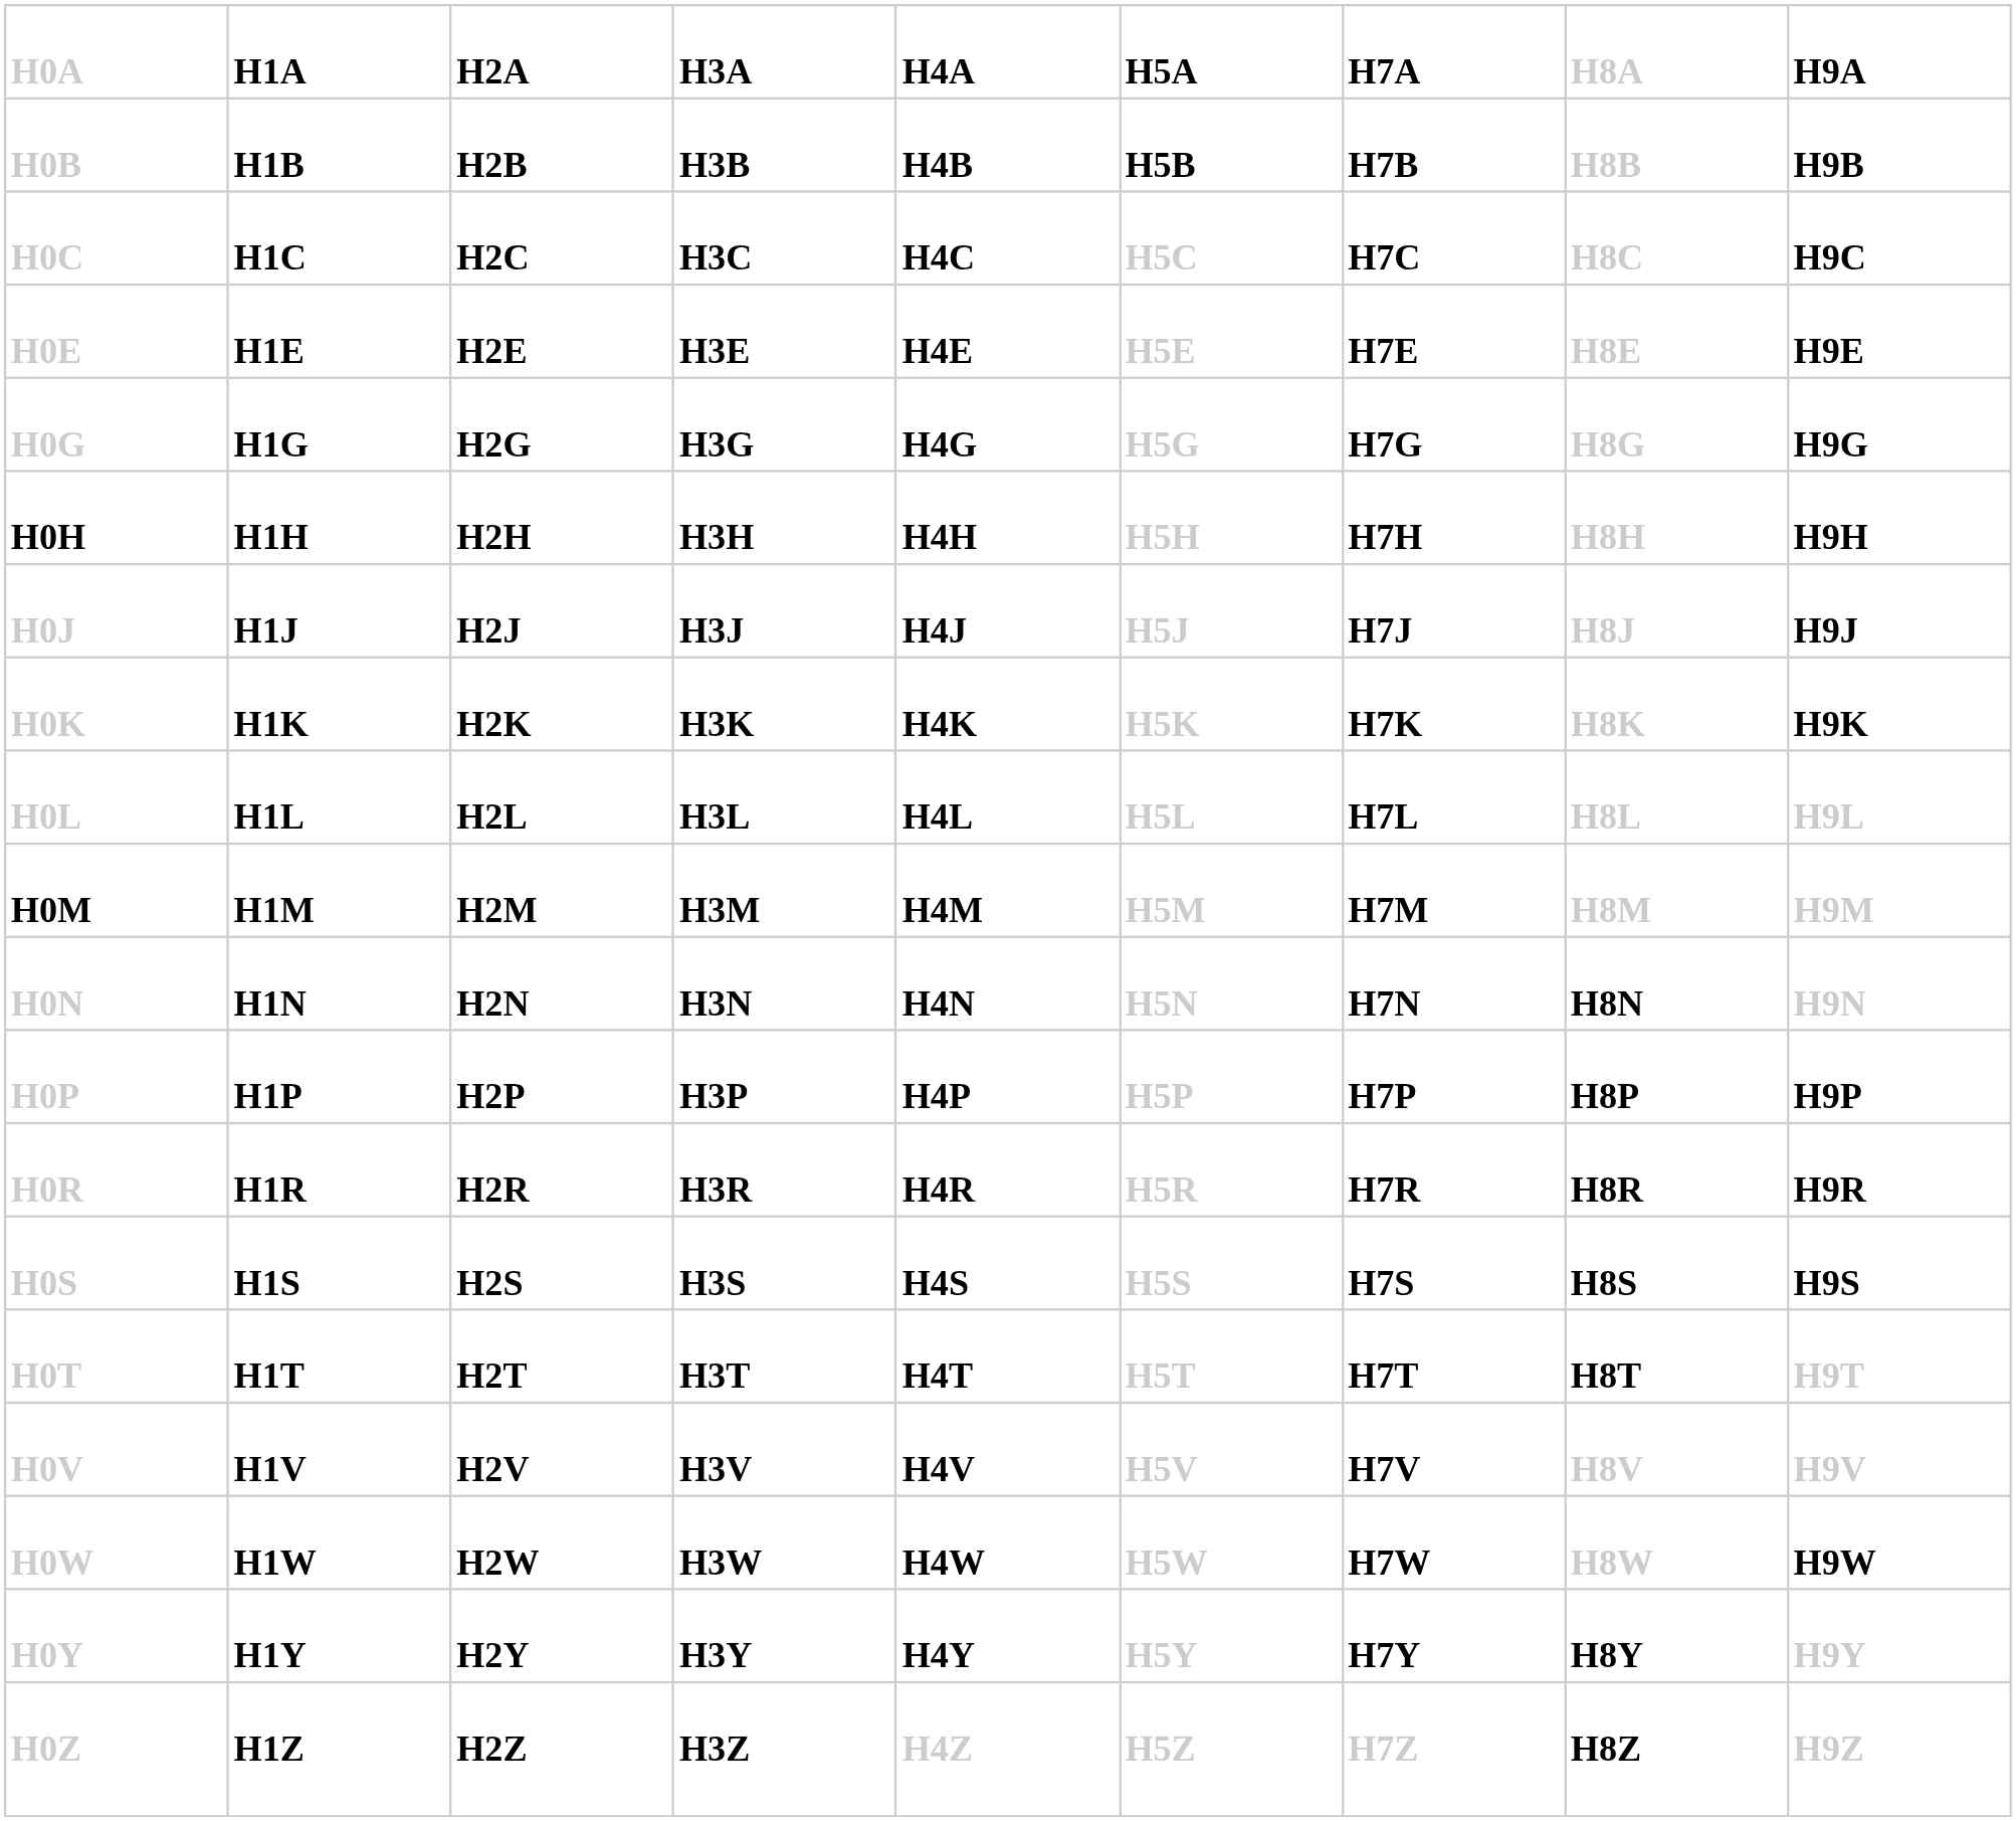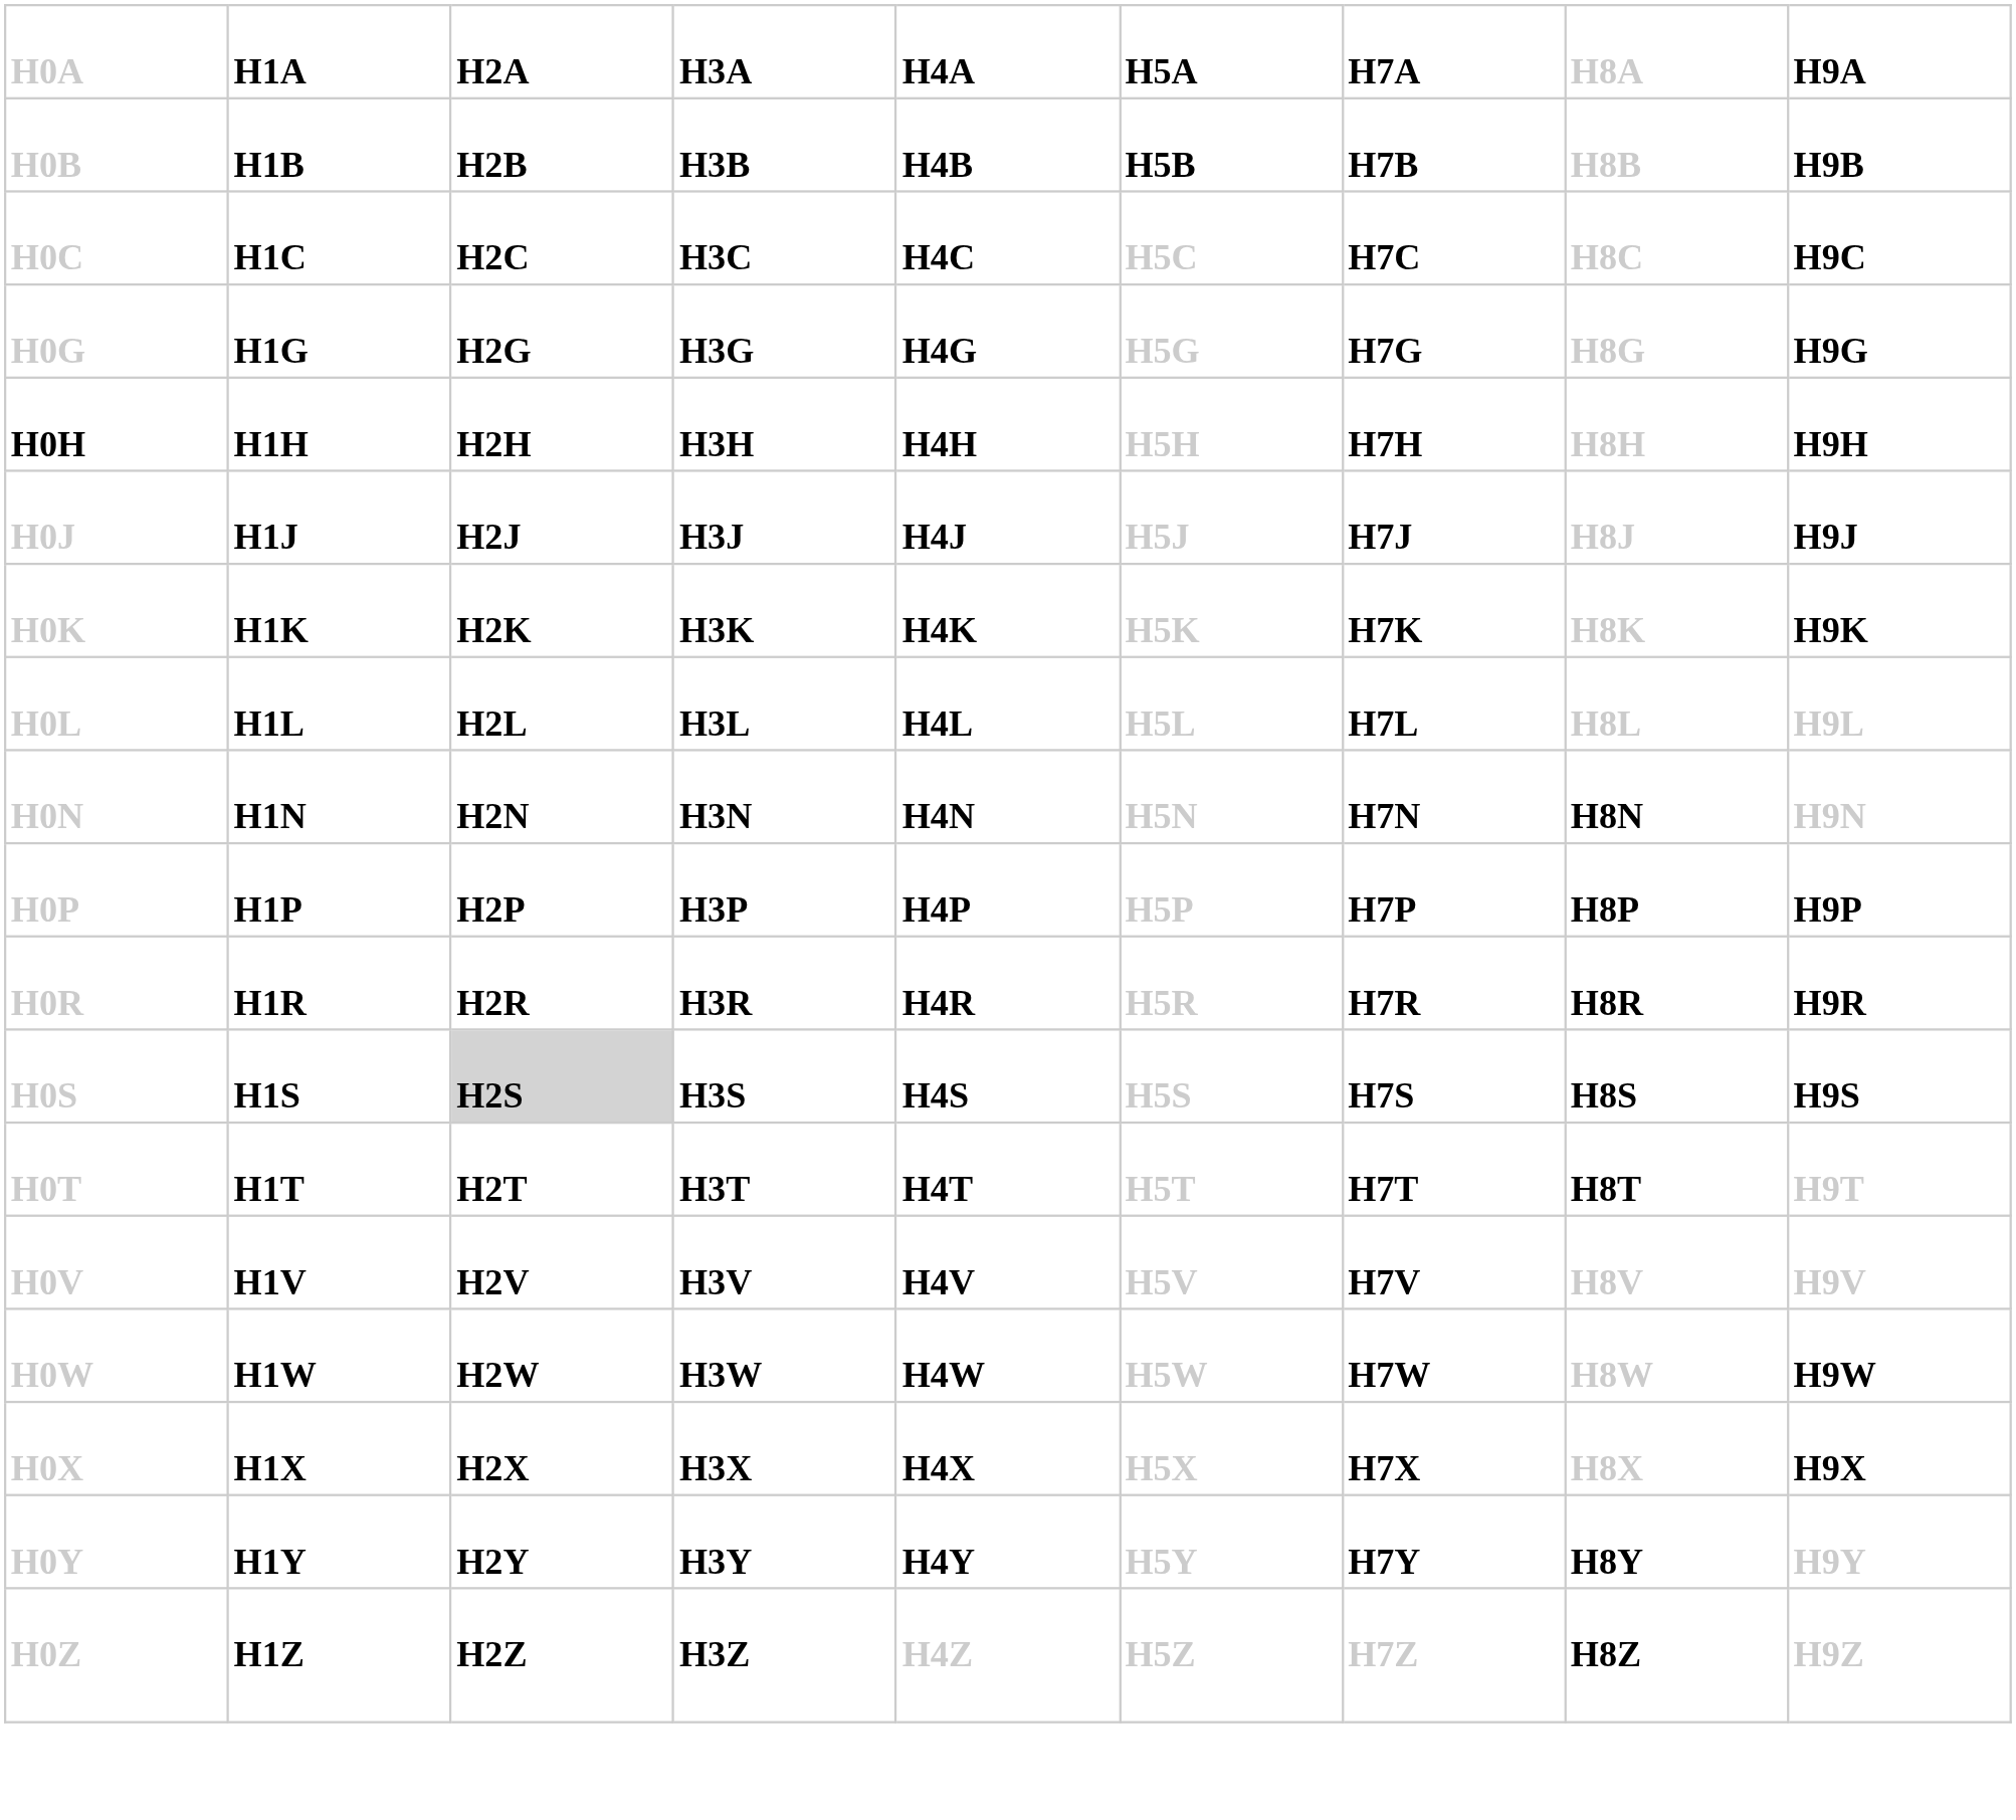 <table rules="all" width="100%" cellspacing="0" cellpadding="2" style="border-collapse: collapse; border: 1px solid #ccc;">
 <tr>
 <td width="11%" valign="top" style="color: #CCCCCC;"><br><strong>H0A</strong><br></td>
 <td width="11%" valign="top"><br><strong>H1A</strong><br></td>
 <td width="11%" valign="top"><br><strong>H2A</strong><br></td>
 <td width="11%" valign="top"><br><strong>H3A</strong><br></td>
 <td width="11%" valign="top"><br><strong>H4A</strong><br></td>
 <td width="11%" valign="top"><br><strong>H5A</strong><br></td>
 <td width="11%" valign="top"><br><strong>H7A</strong><br></td>
 <td width="11%" valign="top" style="color: #CCCCCC;"><br><strong>H8A</strong><br></td>
 <td width="11%" valign="top"><br><strong>H9A</strong><br></td>
 </tr>
 <tr>
 <td valign="top" style="color: #CCCCCC;"><br><strong>H0B</strong><br></td>
 <td valign="top"><br><strong>H1B</strong><br></td>
 <td valign="top"><br><strong>H2B</strong><br></td>
 <td valign="top"><br><strong>H3B</strong><br></td>
 <td valign="top"><br><strong>H4B</strong><br></td>
 <td valign="top"><br><strong>H5B</strong><br></td>
 <td valign="top"><br><strong>H7B</strong><br></td>
 <td valign="top" style="color: #CCCCCC;"><br><strong>H8B</strong><br></td>
 <td valign="top"><br><strong>H9B</strong><br></td>
 </tr>
 <tr>
 <td valign="top" style="color: #CCCCCC;"><br><strong>H0C</strong><br></td>
 <td valign="top"><br><strong>H1C</strong><br></td>
 <td valign="top"><br><strong>H2C</strong><br></td>
 <td valign="top"><br><strong>H3C</strong><br></td>
 <td valign="top"><br><strong>H4C</strong><br></td>
 <td valign="top" style="color: #CCCCCC;"><br><strong>H5C</strong><br></td>
 <td valign="top"><br><strong>H7C</strong><br></td>
 <td valign="top" style="color: #CCCCCC;"><br><strong>H8C</strong><br></td>
 <td valign="top"><br><strong>H9C</strong><br></td>
-</tr>
-<tr>
-<td valign="top" style="color: #CCCCCC;"><br><strong>H0E</strong><br></td>
-<td valign="top"><br><strong>H1E</strong><br></td>
-<td valign="top"><br><strong>H2E</strong><br></td>
-<td valign="top"><br><strong>H3E</strong><br></td>
-<td valign="top"><br><strong>H4E</strong><br></td>
-<td valign="top" style="color: #CCCCCC;"><br><strong>H5E</strong><br></td>
-<td valign="top"><br><strong>H7E</strong><br></td>
-<td valign="top" style="color: #CCCCCC;"><br><strong>H8E</strong><br></td>
-<td valign="top"><br><strong>H9E</strong><br></td>
 </tr>
 <tr>
 <td valign="top" style="color: #CCCCCC;"><br><strong>H0G</strong><br></td>
 <td valign="top"><br><strong>H1G</strong><br></td>
 <td valign="top"><br><strong>H2G</strong><br></td>
 <td valign="top"><br><strong>H3G</strong><br></td>
 <td valign="top"><br><strong>H4G</strong><br></td>
 <td valign="top" style="color: #CCCCCC;"><br><strong>H5G</strong><br></td>
 <td valign="top"><br><strong>H7G</strong><br></td>
 <td valign="top" style="color: #CCCCCC;"><br><strong>H8G</strong><br></td>
 <td valign="top"><br><strong>H9G</strong><br></td>
 </tr>
 <tr>
 <td valign="top"><br><strong>H0H</strong><br></td>
 <td valign="top"><br><strong>H1H</strong><br></td>
 <td valign="top"><br><strong>H2H</strong><br></td>
 <td valign="top"><br><strong>H3H</strong><br></td>
 <td valign="top"><br><strong>H4H</strong><br></td>
 <td valign="top" style="color: #CCCCCC;"><br><strong>H5H</strong><br></td>
 <td valign="top"><br><strong>H7H</strong><br></td>
 <td valign="top" style="color: #CCCCCC;"><br><strong>H8H</strong><br></td>
 <td valign="top"><br><strong>H9H</strong><br></td>
 </tr>
 <tr>
 <td valign="top" style="color: #CCCCCC;"><br><strong>H0J</strong><br></td>
 <td valign="top"><br><strong>H1J</strong><br></td>
 <td valign="top"><br><strong>H2J</strong><br></td>
 <td valign="top"><br><strong>H3J</strong><br></td>
 <td valign="top"><br><strong>H4J</strong><br></td>
 <td valign="top" style="color: #CCCCCC;"><br><strong>H5J</strong><br></td>
 <td valign="top"><br><strong>H7J</strong><br></td>
 <td valign="top" style="color: #CCCCCC;"><br><strong>H8J</strong><br></td>
 <td valign="top"><br><strong>H9J</strong><br></td>
 </tr>
 <tr>
 <td valign="top" style="color: #CCCCCC;"><br><strong>H0K</strong><br></td>
 <td valign="top"><br><strong>H1K</strong><br></td>
 <td valign="top"><br><strong>H2K</strong><br></td>
 <td valign="top"><br><strong>H3K</strong><br></td>
 <td valign="top"><br><strong>H4K</strong><br></td>
 <td valign="top" style="color: #CCCCCC;"><br><strong>H5K</strong><br></td>
 <td valign="top"><br><strong>H7K</strong><br></td>
 <td valign="top" style="color: #CCCCCC;"><br><strong>H8K</strong><br></td>
 <td valign="top"><br><strong>H9K</strong><br></td>
 </tr>
 <tr>
 <td valign="top" style="color: #CCCCCC;"><br><strong>H0L</strong><br></td>
 <td valign="top"><br><strong>H1L</strong><br></td>
 <td valign="top"><br><strong>H2L</strong><br></td>
 <td valign="top"><br><strong>H3L</strong><br></td>
 <td valign="top"><br><strong>H4L</strong><br></td>
 <td valign="top" style="color: #CCCCCC;"><br><strong>H5L</strong><br></td>
 <td valign="top"><br><strong>H7L</strong><br></td>
 <td valign="top" style="color: #CCCCCC;"><br><strong>H8L</strong><br></td>
 <td valign="top" style="color: #CCCCCC;"><br><strong>H9L</strong><br></td>
 </tr>
 <tr>
-<td valign="top"><br><strong>H0M</strong><br></td>
-<td valign="top"><br><strong>H1M</strong><br></td>
-<td valign="top"><br><strong>H2M</strong><br></td>
-<td valign="top"><br><strong>H3M</strong><br></td>
-<td valign="top"><br><strong>H4M</strong><br></td>
-<td valign="top" style="color: #CCCCCC;"><br><strong>H5M</strong><br></td>
-<td valign="top"><br><strong>H7M</strong><br></td>
-<td valign="top" style="color: #CCCCCC;"><br><strong>H8M</strong><br></td>
-<td valign="top" style="color: #CCCCCC;"><br><strong>H9M</strong><br></td>
-</tr>
-<tr>
 <td valign="top" style="color: #CCCCCC;"><br><strong>H0N</strong><br></td>
 <td valign="top"><br><strong>H1N</strong><br></td>
 <td valign="top"><br><strong>H2N</strong><br></td>
 <td valign="top"><br><strong>H3N</strong><br></td>
 <td valign="top"><br><strong>H4N</strong><br></td>
 <td valign="top" style="color: #CCCCCC;"><br><strong>H5N</strong><br></td>
 <td valign="top"><br><strong>H7N</strong><br></td>
 <td valign="top"><br><strong>H8N</strong><br></td>
 <td valign="top" style="color: #CCCCCC;"><br><strong>H9N</strong><br></td>
 </tr>
 <tr>
 <td valign="top" style="color: #CCCCCC;"><br><strong>H0P</strong><br> </td>
 <td valign="top"><br><strong>H1P</strong><br></td>
 <td valign="top"><br><strong>H2P</strong><br></td>
 <td valign="top"><br><strong>H3P</strong><br></td>
 <td valign="top"><br><strong>H4P</strong><br></td>
 <td valign="top" style="color: #CCCCCC;"><br><strong>H5P</strong><br></td>
 <td valign="top"><br><strong>H7P</strong><br></td>
 <td valign="top"><br><strong>H8P</strong><br></td>
 <td valign="top"><br><strong>H9P</strong><br></td>
 </tr>
 <tr>
 <td valign="top" style="color: #CCCCCC;"><br><strong>H0R</strong><br></td>
 <td valign="top"><br><strong>H1R</strong><br></td>
 <td valign="top"><br><strong>H2R</strong><br></td>
 <td valign="top"><br><strong>H3R</strong><br></td>
 <td valign="top"><br><strong>H4R</strong><br></td>
 <td valign="top" style="color: #CCCCCC;"><br><strong>H5R</strong><br></td>
 <td valign="top"><br><strong>H7R</strong><br></td>
 <td valign="top"><br><strong>H8R</strong><br></td>
 <td valign="top"><br><strong>H9R</strong><br></td>
 </tr>
 <tr>
 <td valign="top" style="color: #CCCCCC;"><br><strong>H0S</strong><br></td>
 <td valign="top"><br><strong>H1S</strong><br></td>
-<td valign="top"><br><strong>H2S</strong><br></td>
+<td valign="top" style="background: lightgrey;"><br><strong>H2S</strong><br></td>
 <td valign="top"><br><strong>H3S</strong><br></td>
 <td valign="top"><br><strong>H4S</strong><br></td>
 <td valign="top" style="color: #CCCCCC;"><br><strong>H5S</strong><br></td>
 <td valign="top"><br><strong>H7S</strong><br></td>
 <td valign="top"><br><strong>H8S</strong><br></td>
 <td valign="top"><br><strong>H9S</strong><br></td>
 </tr>
 <tr>
 <td valign="top" style="color: #CCCCCC;"><br><strong>H0T</strong><br></td>
 <td valign="top"><br><strong>H1T</strong><br></td>
 <td valign="top"><br><strong>H2T</strong><br></td>
 <td valign="top"><br><strong>H3T</strong><br></td>
 <td valign="top"><br><strong>H4T</strong><br></td>
 <td valign="top" style="color: #CCCCCC;"><br><strong>H5T</strong><br></td>
 <td valign="top"><br><strong>H7T</strong><br></td>
 <td valign="top"><br><strong>H8T</strong><br></td>
 <td valign="top" style="color: #CCCCCC;"><br><strong>H9T</strong><br></td>
 </tr>
 <tr>
 <td valign="top" style="color: #CCCCCC;"><br><strong>H0V</strong><br></td>
 <td valign="top"><br><strong>H1V</strong><br></td>
 <td valign="top"><br><strong>H2V</strong><br></td>
 <td valign="top"><br><strong>H3V</strong><br></td>
 <td valign="top"><br><strong>H4V</strong><br></td>
 <td valign="top" style="color: #CCCCCC;"><br><strong>H5V</strong><br></td>
 <td valign="top"><br><strong>H7V</strong><br></td>
 <td valign="top" style="color: #CCCCCC;"><br><strong>H8V</strong><br></td>
 <td valign="top" style="color: #CCCCCC;"><br><strong>H9V</strong><br></td>
 </tr>
 <tr>
 <td valign="top" style="color: #CCCCCC;"><br><strong>H0W</strong><br></td>
 <td valign="top"><br><strong>H1W</strong><br></td>
 <td valign="top"><br><strong>H2W</strong><br></td>
 <td valign="top"><br><strong>H3W</strong><br></td>
 <td valign="top"><br><strong>H4W</strong><br></td>
 <td valign="top" style="color: #CCCCCC;"><br><strong>H5W</strong><br></td>
 <td valign="top"><br><strong>H7W</strong><br></td>
 <td valign="top" style="color: #CCCCCC;"><br><strong>H8W</strong><br></td>
 <td valign="top"><br><strong>H9W</strong><br></td>
 </tr>
 <tr>
+<td valign="top" style="color: #CCCCCC;"><br><strong>H0X</strong><br></td>
+<td valign="top"><br><strong>H1X</strong><br></td>
+<td valign="top"><br><strong>H2X</strong><br></td>
+<td valign="top"><br><strong>H3X</strong><br></td>
+<td valign="top"><br><strong>H4X</strong><br></td>
+<td valign="top" style="color: #CCCCCC;"><br><strong>H5X</strong><br></td>
+<td valign="top"><br><strong>H7X</strong><br></td>
+<td valign="top" style="color: #CCCCCC;"><br><strong>H8X</strong><br></td>
+<td valign="top"><br><strong>H9X</strong><br></td>
+</tr>
+<tr>
 <td valign="top" style="color: #CCCCCC;"><br><strong>H0Y</strong><br></td>
 <td valign="top"><br><strong>H1Y</strong><br></td>
 <td valign="top"><br><strong>H2Y</strong><br></td>
 <td valign="top"><br><strong>H3Y</strong><br></td>
 <td valign="top"><br><strong>H4Y</strong><br></td>
 <td valign="top" style="color: #CCCCCC;"><br><strong>H5Y</strong><br></td>
 <td valign="top"><br><strong>H7Y</strong><br></td>
 <td valign="top"><br><strong>H8Y</strong><br></td>
 <td valign="top" style="color: #CCCCCC;"><br><strong>H9Y</strong><br></td>
 </tr>
 <tr>
 <td valign="top" style="color: #CCCCCC;"><br><strong>H0Z</strong><br></td>
 <td valign="top"><br><strong>H1Z</strong><br></td>
 <td valign="top"><br><strong>H2Z</strong><br></td>
 <td valign="top"><br><strong>H3Z</strong><br></td>
 <td valign="top" style="color: #CCCCCC;"><br><strong>H4Z</strong><br><br></td>
 <td valign="top" style="color: #CCCCCC;"><br><strong>H5Z</strong><br></td>
 <td valign="top" style="color: #CCCCCC;"><br><strong>H7Z</strong><br></td>
 <td valign="top"><br><strong>H8Z</strong><br></td>
 <td valign="top" style="color: #CCCCCC;"><br><strong>H9Z</strong><br></td>
 </tr>
 </table>
